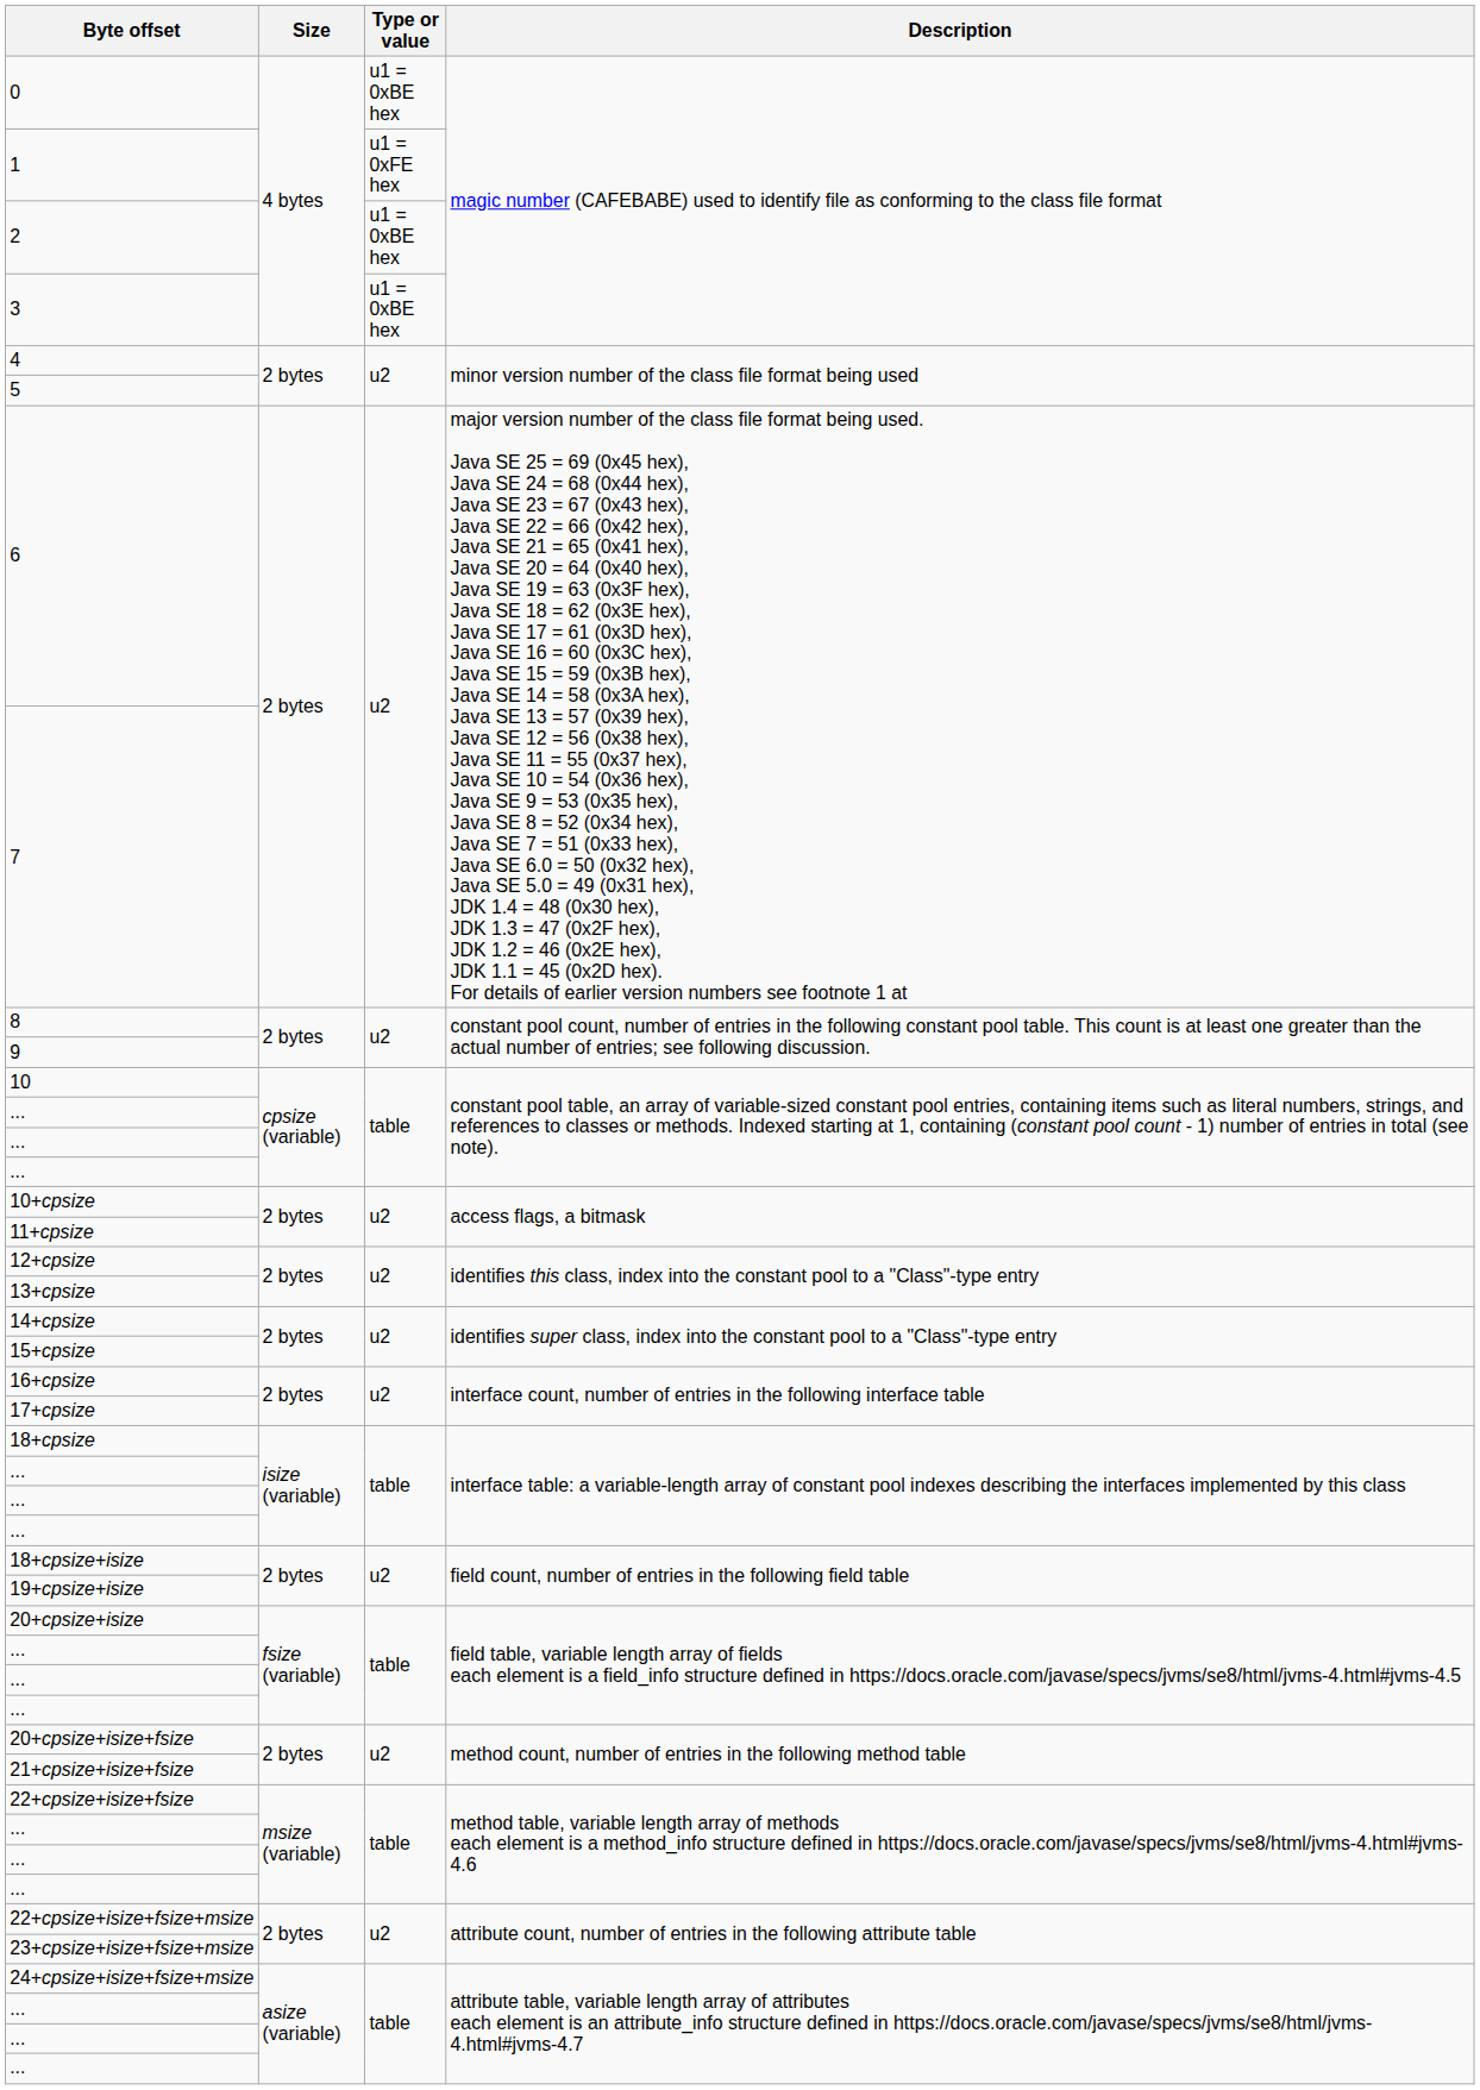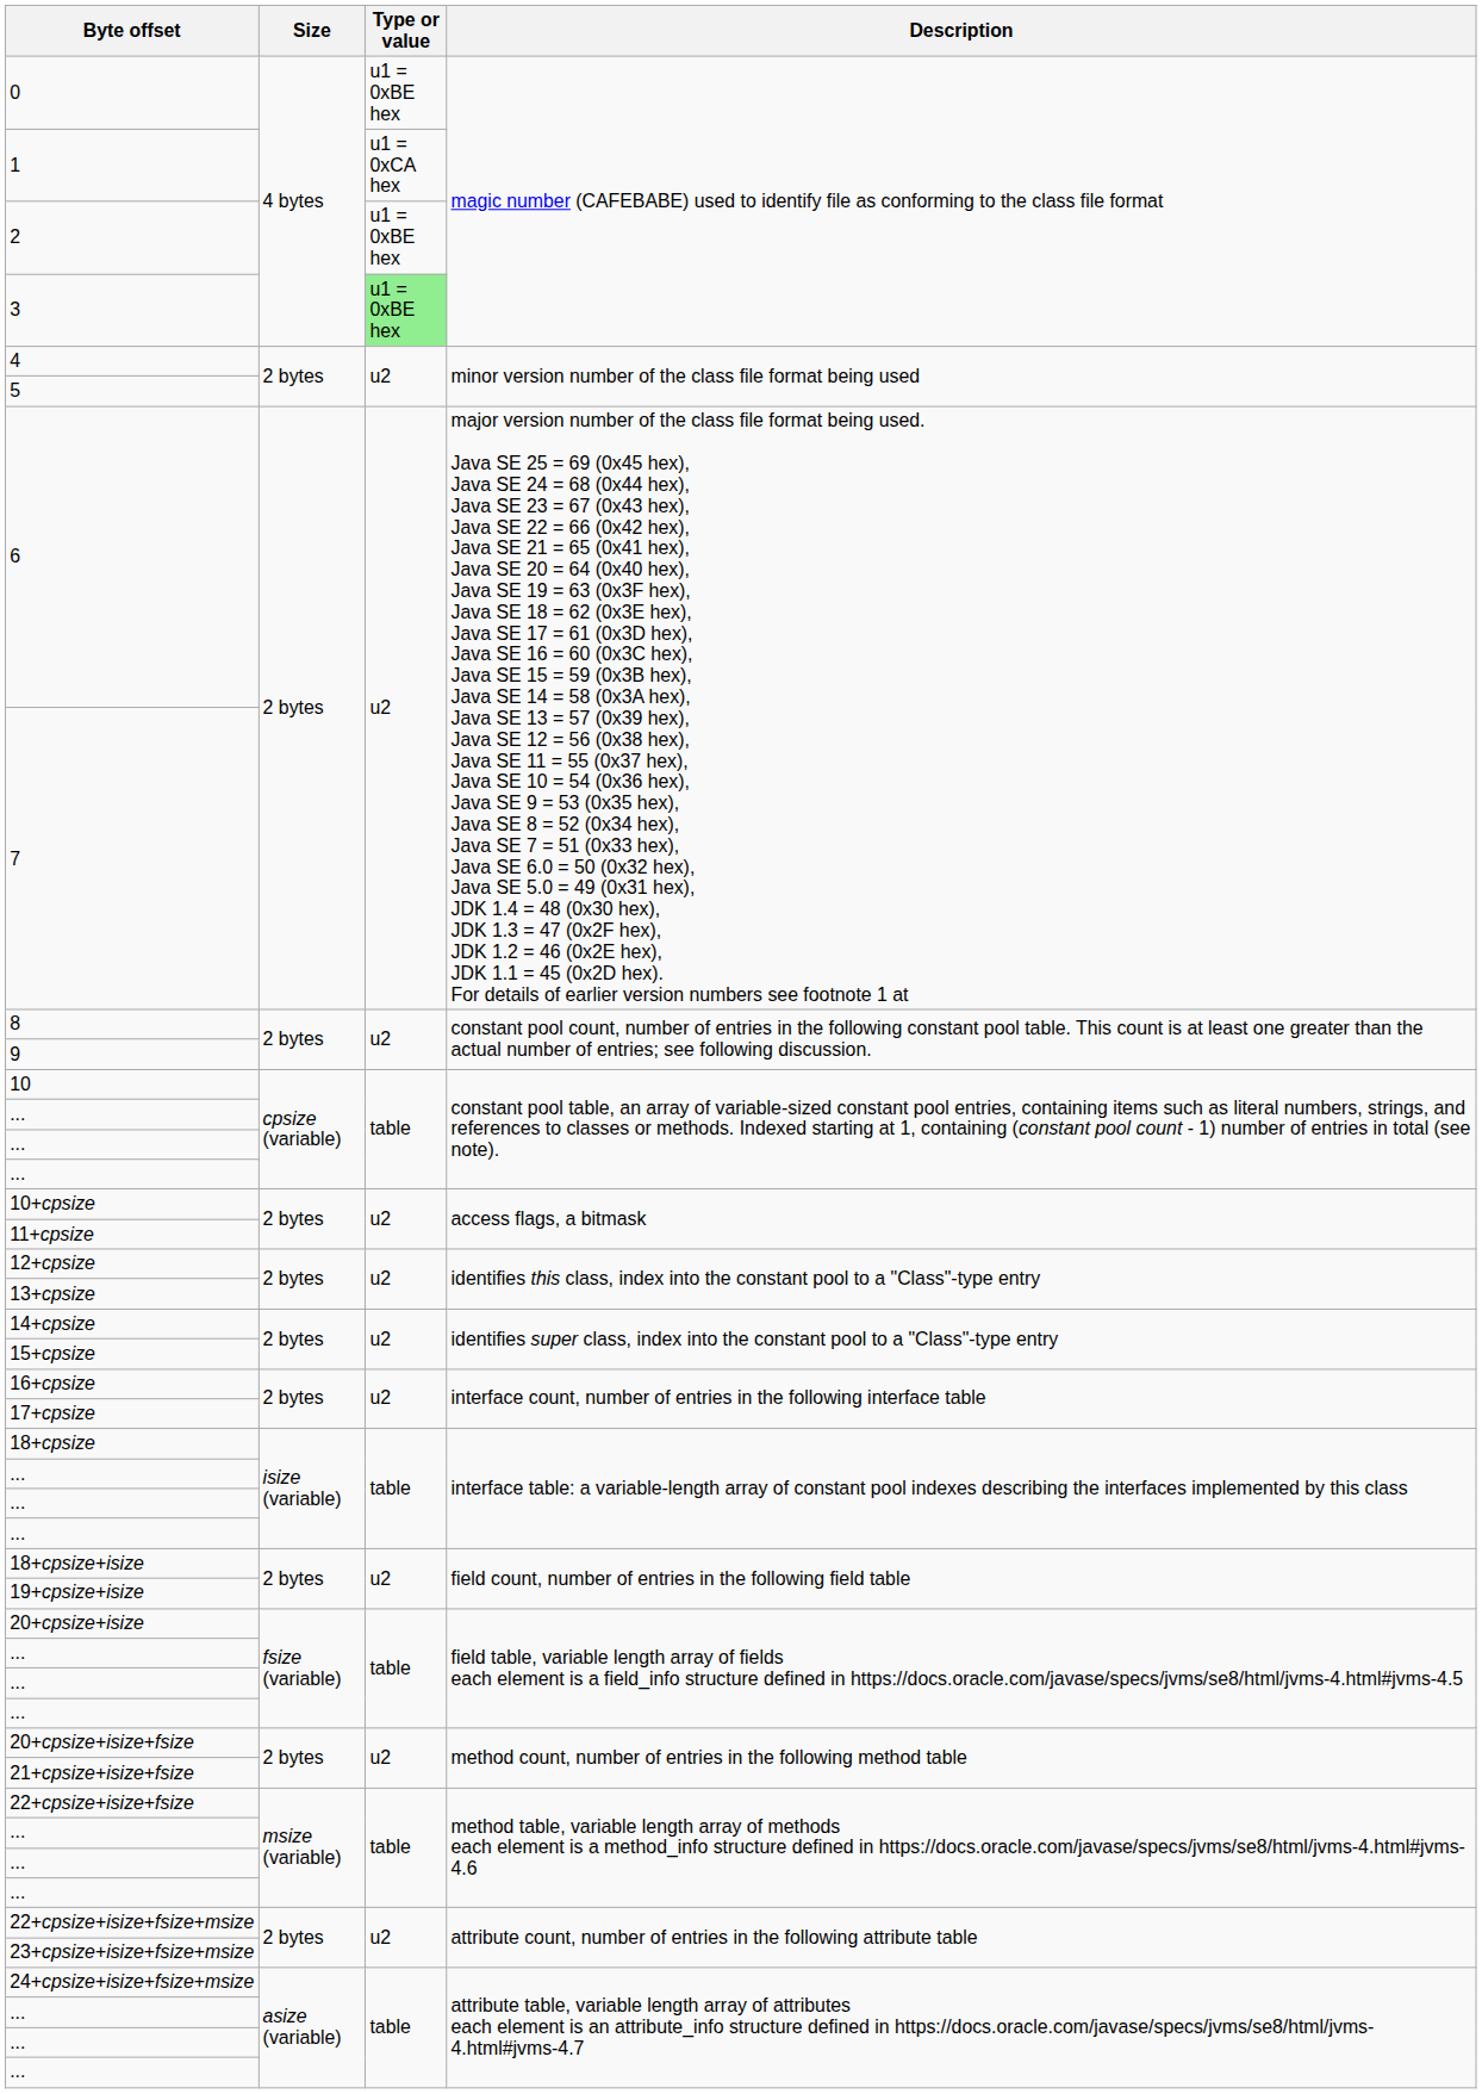 <table class="wikitable">
 <tr>
 <th>Byte offset</th>
 <th>Size</th>
 <th>Type or value</th>
 <th>Description</th>
 </tr>
 <tr>
 <td>0</td>
 <td rowspan="4">4 bytes</td>
 <td>u1 =<br>0xBE hex</td>
 <td rowspan="4"><a href='#'>magic number</a> (CAFEBABE) used to identify file as conforming to the class file format</td>
 </tr>
 <tr>
 <td>1</td>
-<td>u1 =<br>0xFE hex</td>
+<td>u1 =<br>0xCA hex</td>
 </tr>
 <tr>
 <td>2</td>
 <td>u1 =<br>0xBE hex</td>
 </tr>
 <tr>
 <td>3</td>
-<td>u1 =<br>0xBE hex</td>
+<td style="background: lightgreen;">u1 =<br>0xBE hex</td>
 </tr>
 <tr>
 <td>4</td>
 <td rowspan="2">2 bytes</td>
 <td rowspan="2">u2</td>
 <td rowspan="2">minor version number of the class file format being used</td>
 </tr>
 <tr>
 <td>5</td>
 </tr>
 <tr>
 <td>6</td>
 <td rowspan="2">2 bytes</td>
 <td rowspan="2">u2</td>
 <td rowspan="2">major version number of the class file format being used.<br><br>Java SE 25 = 69 (0x45 hex),<br> Java SE 24 = 68 (0x44 hex),<br> Java SE 23 = 67 (0x43 hex),<br> Java SE 22 = 66 (0x42 hex),<br> Java SE 21 = 65 (0x41 hex),<br> Java SE 20 = 64 (0x40 hex),<br> Java SE 19 = 63 (0x3F hex),<br> Java SE 18 = 62 (0x3E hex),<br>  Java SE 17 = 61 (0x3D hex),<br>  Java SE 16 = 60 (0x3C hex),<br> Java SE 15 = 59 (0x3B hex),<br> Java SE 14 = 58 (0x3A hex),<br> Java SE 13 = 57 (0x39 hex),<br> Java SE 12 = 56 (0x38 hex),<br> Java SE 11 = 55 (0x37 hex),<br> Java SE 10 = 54 (0x36 hex),<br> Java SE 9 = 53 (0x35 hex),<br> Java SE 8 = 52 (0x34 hex),<br>Java SE 7 = 51 (0x33 hex),<br>Java SE 6.0 = 50 (0x32 hex),<br>Java SE 5.0 = 49 (0x31 hex),<br>JDK 1.4 = 48 (0x30 hex),<br>JDK 1.3 = 47 (0x2F hex),<br>JDK 1.2 = 46 (0x2E hex),<br>JDK 1.1 = 45 (0x2D hex).<br>For details of earlier version numbers see footnote 1 at </td>
 </tr>
 <tr>
 <td>7</td>
 </tr>
 <tr>
 <td>8</td>
 <td rowspan="2">2 bytes</td>
 <td rowspan="2">u2</td>
 <td rowspan="2">constant pool count, number of entries in the following constant pool table.  This count is at least one greater than the actual number of entries; see following discussion.</td>
 </tr>
 <tr>
 <td>9</td>
 </tr>
 <tr>
 <td>10</td>
 <td rowspan="4"><em>cpsize</em> (variable)</td>
 <td rowspan="4">table</td>
 <td rowspan="4">constant pool table, an array of variable-sized constant pool entries, containing items such as literal numbers, strings, and references to classes or methods.  Indexed starting at 1, containing (<em>constant pool count</em> - 1) number of entries in total (see note).</td>
 </tr>
 <tr>
 <td>...</td>
 </tr>
 <tr>
 <td>...</td>
 </tr>
 <tr>
 <td>...</td>
 </tr>
 <tr>
 <td>10+<em>cpsize</em></td>
 <td rowspan="2">2 bytes</td>
 <td rowspan="2">u2</td>
 <td rowspan="2">access flags, a bitmask</td>
 </tr>
 <tr>
 <td>11+<em>cpsize</em></td>
 </tr>
 <tr>
 <td>12+<em>cpsize</em></td>
 <td rowspan="2">2 bytes</td>
 <td rowspan="2">u2</td>
 <td rowspan="2">identifies <em>this</em> class, index into the constant pool to a "Class"-type entry</td>
 </tr>
 <tr>
 <td>13+<em>cpsize</em></td>
 </tr>
 <tr>
 <td>14+<em>cpsize</em></td>
 <td rowspan="2">2 bytes</td>
 <td rowspan="2">u2</td>
 <td rowspan="2">identifies <em>super</em> class, index into the constant pool to a "Class"-type entry</td>
 </tr>
 <tr>
 <td>15+<em>cpsize</em></td>
 </tr>
 <tr>
 <td>16+<em>cpsize</em></td>
 <td rowspan="2">2 bytes</td>
 <td rowspan="2">u2</td>
 <td rowspan="2">interface count, number of entries in the following interface table</td>
 </tr>
 <tr>
 <td>17+<em>cpsize</em></td>
 </tr>
 <tr>
 <td>18+<em>cpsize</em></td>
 <td rowspan="4"><em>isize</em> (variable)</td>
 <td rowspan="4">table</td>
 <td rowspan="4">interface table: a variable-length array of constant pool indexes describing the interfaces implemented by this class</td>
 </tr>
 <tr>
 <td>...</td>
 </tr>
 <tr>
 <td>...</td>
 </tr>
 <tr>
 <td>...</td>
 </tr>
 <tr>
 <td>18+<em>cpsize</em>+<em>isize</em></td>
 <td rowspan="2">2 bytes</td>
 <td rowspan="2">u2</td>
 <td rowspan="2">field count, number of entries in the following field table</td>
 </tr>
 <tr>
 <td>19+<em>cpsize</em>+<em>isize</em></td>
 </tr>
 <tr>
 <td>20+<em>cpsize</em>+<em>isize</em></td>
 <td rowspan="4"><em>fsize</em> (variable)</td>
 <td rowspan="4">table</td>
 <td rowspan="4">field table, variable length array of fields<br>each element is a field_info structure defined in https://docs.oracle.com/javase/specs/jvms/se8/html/jvms-4.html#jvms-4.5</td>
 </tr>
 <tr>
 <td>...</td>
 </tr>
 <tr>
 <td>...</td>
 </tr>
 <tr>
 <td>...</td>
 </tr>
 <tr>
 <td>20+<em>cpsize</em>+<em>isize</em>+<em>fsize</em></td>
 <td rowspan="2">2 bytes</td>
 <td rowspan="2">u2</td>
 <td rowspan="2">method count, number of entries in the following method table</td>
 </tr>
 <tr>
 <td>21+<em>cpsize</em>+<em>isize</em>+<em>fsize</em></td>
 </tr>
 <tr>
 <td>22+<em>cpsize</em>+<em>isize</em>+<em>fsize</em></td>
 <td rowspan="4"><em>msize</em> (variable)</td>
 <td rowspan="4">table</td>
 <td rowspan="4">method table, variable length array of methods<br>each element is a method_info structure defined in https://docs.oracle.com/javase/specs/jvms/se8/html/jvms-4.html#jvms-4.6</td>
 </tr>
 <tr>
 <td>...</td>
 </tr>
 <tr>
 <td>...</td>
 </tr>
 <tr>
 <td>...</td>
 </tr>
 <tr>
 <td>22+<em>cpsize</em>+<em>isize</em>+<em>fsize</em>+<em>msize</em></td>
 <td rowspan="2">2 bytes</td>
 <td rowspan="2">u2</td>
 <td rowspan="2">attribute count, number of entries in the following attribute table</td>
 </tr>
 <tr>
 <td>23+<em>cpsize</em>+<em>isize</em>+<em>fsize</em>+<em>msize</em></td>
 </tr>
 <tr>
 <td>24+<em>cpsize</em>+<em>isize</em>+<em>fsize</em>+<em>msize</em></td>
 <td rowspan="4"><em>asize</em> (variable)</td>
 <td rowspan="4">table</td>
 <td rowspan="4">attribute table, variable length array of attributes<br>each element is an attribute_info structure defined in https://docs.oracle.com/javase/specs/jvms/se8/html/jvms-4.html#jvms-4.7</td>
 </tr>
 <tr>
 <td>...</td>
 </tr>
 <tr>
 <td>...</td>
 </tr>
 <tr>
 <td>...</td>
 </tr>
 </table>
